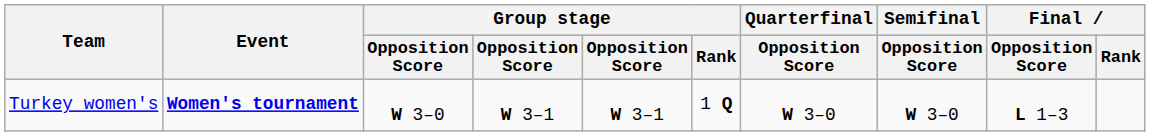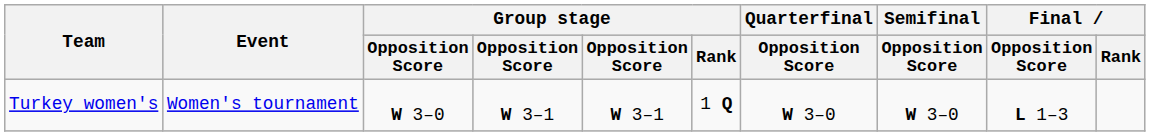 <table class=wikitable style=font-size:90%>
 <tr>
 <th rowspan=2>Team</th>
 <th rowspan=2>Event</th>
 <th colspan=4>Group stage</th>
 <th>Quarterfinal</th>
 <th>Semifinal</th>
 <th colspan=2>Final / </th>
 </tr>
 <tr style=font-size:95%>
 <th>Opposition<br>Score</th>
 <th>Opposition<br>Score</th>
 <th>Opposition<br>Score</th>
 <th>Rank</th>
 <th>Opposition<br>Score</th>
 <th>Opposition<br>Score</th>
 <th>Opposition<br>Score</th>
 <th>Rank</th>
 </tr>
 <tr align=center>
 <td align=left><a href='#'>Turkey women's</a></td>
-<td align=left><strong><a href='#'>Women's tournament</a></strong></td>
+<td align=left><a href='#'>Women's tournament</a></td>
 <td><br><strong>W</strong> 3–0</td>
 <td><br><strong>W</strong> 3–1</td>
 <td><br><strong>W</strong> 3–1</td>
 <td>1 <strong>Q</strong></td>
 <td><br><strong>W</strong> 3–0</td>
 <td><br><strong>W</strong> 3–0</td>
 <td><br><strong>L</strong> 1–3</td>
 <td></td>
 </tr>
 </table>
